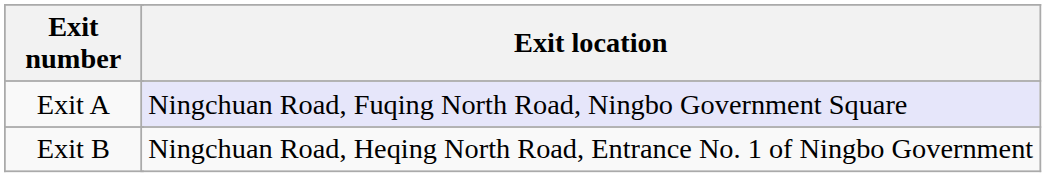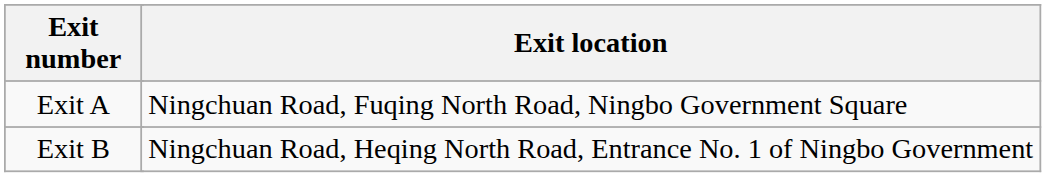 <table class="wikitable">
 <tr>
 <th style="width:70px" colspan="2">Exit number</th>
 <th>Exit location</th>
 </tr>
 <tr>
 <td align="center" colspan="2">Exit A</td>
-<td style="background: lavender;">Ningchuan Road, Fuqing North Road, Ningbo Government Square</td>
+<td>Ningchuan Road, Fuqing North Road, Ningbo Government Square</td>
 </tr>
 <tr>
 <td align="center" colspan="2">Exit B </td>
 <td>Ningchuan Road, Heqing North Road, Entrance No. 1 of Ningbo Government</td>
 </tr>
 </table>
